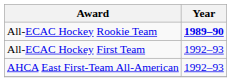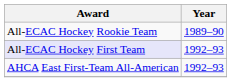 <table class="wikitable">
 <tr>
 <th>Award</th>
 <th>Year</th>
 </tr>
 <tr>
 <td>All-<a href='#'>ECAC Hockey</a> <a href='#'>Rookie Team</a></td>
-<td><strong><a href='#'>1989–90</a></strong></td>
+<td><a href='#'>1989–90</a></td>
 </tr>
 <tr>
-<td>All-<a href='#'>ECAC Hockey</a> <a href='#'>First Team</a></td>
+<td style="background: lavender;">All-<a href='#'>ECAC Hockey</a> <a href='#'>First Team</a></td>
 <td><a href='#'>1992–93</a></td>
 </tr>
 <tr>
 <td><a href='#'>AHCA</a> <a href='#'>East First-Team All-American</a></td>
 <td><a href='#'>1992–93</a></td>
 </tr>
 <tr>
 </tr>
 </table>
